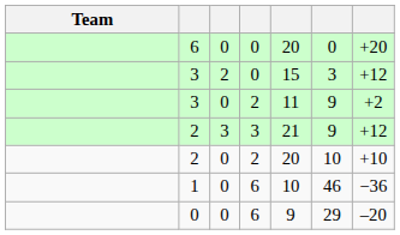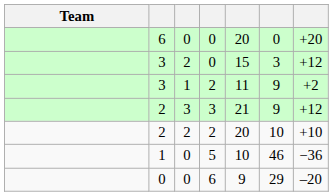 <table class="wikitable" style="text-align:center;">
 <tr>
 <th width=150>Team</th>
 <th width=20></th>
 <th width=20></th>
 <th width=20></th>
 <th width=30></th>
 <th width=30></th>
 <th width=30></th>
 </tr>
 <tr bgcolor="#ccffcc">
 <td align="left"></td>
 <td>6</td>
 <td>0</td>
 <td>0</td>
 <td>20</td>
 <td>0</td>
 <td>+20</td>
 </tr>
 <tr bgcolor="#ccffcc">
 <td align="left"></td>
 <td>3</td>
 <td>2</td>
 <td>0</td>
 <td>15</td>
 <td>3</td>
 <td>+12</td>
 </tr>
 <tr bgcolor="#ccffcc">
 <td align="left"></td>
 <td>3</td>
-<td>0</td>
+<td>1</td>
 <td>2</td>
 <td>11</td>
 <td>9</td>
 <td>+2</td>
 </tr>
 <tr bgcolor="#ccffcc">
 <td align="left"></td>
 <td>2</td>
 <td>3</td>
 <td>3</td>
 <td>21</td>
 <td>9</td>
 <td>+12</td>
 </tr>
 <tr>
 <td align="left"></td>
 <td>2</td>
-<td>0</td>
+<td>2</td>
 <td>2</td>
 <td>20</td>
 <td>10</td>
 <td>+10</td>
 </tr>
 <tr>
 <td align="left"></td>
 <td>1</td>
 <td>0</td>
-<td>6</td>
+<td>5</td>
 <td>10</td>
 <td>46</td>
 <td>−36</td>
 </tr>
 <tr>
 <td align="left"></td>
 <td>0</td>
 <td>0</td>
 <td>6</td>
 <td>9</td>
 <td>29</td>
 <td>–20</td>
 </tr>
 </table>
